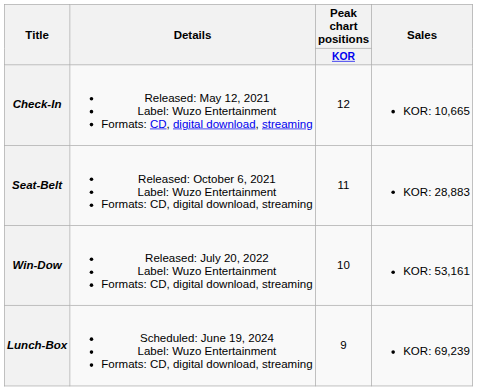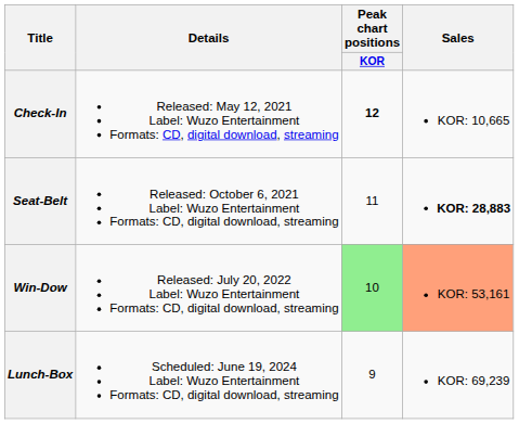 <table class="wikitable plainrowheaders" style="text-align:center">
 <tr>
 <th scope="col" rowspan="2">Title</th>
 <th scope="col" rowspan="2">Details</th>
 <th scope="col">Peak chart positions</th>
 <th scope="col" rowspan="2">Sales</th>
 </tr>
 <tr>
 <th scope="col" style="font-size:90%; width:2.5em"><a href='#'>KOR</a><br></th>
 </tr>
 <tr>
 <th scope="row"><em>Check-In</em></th>
 <td><br><ul><li>Released: May 12, 2021</li><li>Label: Wuzo Entertainment</li><li>Formats: <a href='#'>CD</a>, <a href='#'>digital download</a>, <a href='#'>streaming</a></li></ul></td>
-<td>12</td>
+<td><strong>12</strong></td>
 <td><br><ul><li>KOR: 10,665</li></ul></td>
 </tr>
 <tr>
 <th scope="row"><em>Seat-Belt</em></th>
 <td><br><ul><li>Released: October 6, 2021</li><li>Label: Wuzo Entertainment</li><li>Formats: CD, digital download, streaming</li></ul></td>
 <td>11</td>
-<td><br><ul><li>KOR: 28,883</li></ul></td>
+<td><strong><br><ul><li>KOR: 28,883</li></ul></strong></td>
 </tr>
 <tr>
 <th scope="row"><em>Win-Dow</em></th>
 <td><br><ul><li>Released: July 20, 2022</li><li>Label: Wuzo Entertainment</li><li>Formats: CD, digital download, streaming</li></ul></td>
-<td>10</td>
-<td><br><ul><li>KOR: 53,161</li></ul></td>
+<td style="background: lightgreen;">10</td>
+<td style="background: lightsalmon;"><br><ul><li>KOR: 53,161</li></ul></td>
 </tr>
 <tr>
 <th scope="row"><em>Lunch-Box</em></th>
 <td><br><ul><li>Scheduled: June 19, 2024</li><li>Label: Wuzo Entertainment</li><li>Formats: CD, digital download, streaming</li></ul></td>
 <td>9</td>
 <td><br><ul><li>KOR: 69,239</li></ul></td>
 </tr>
 </table>
